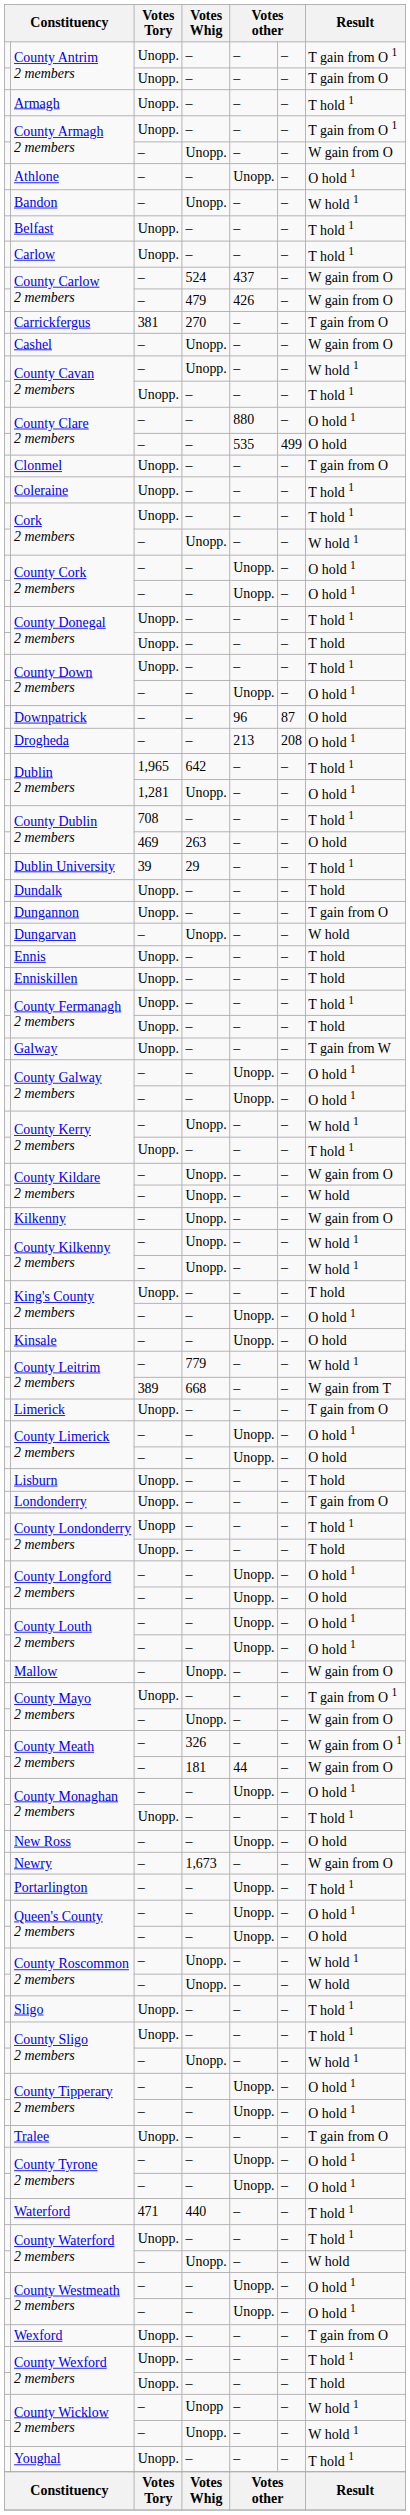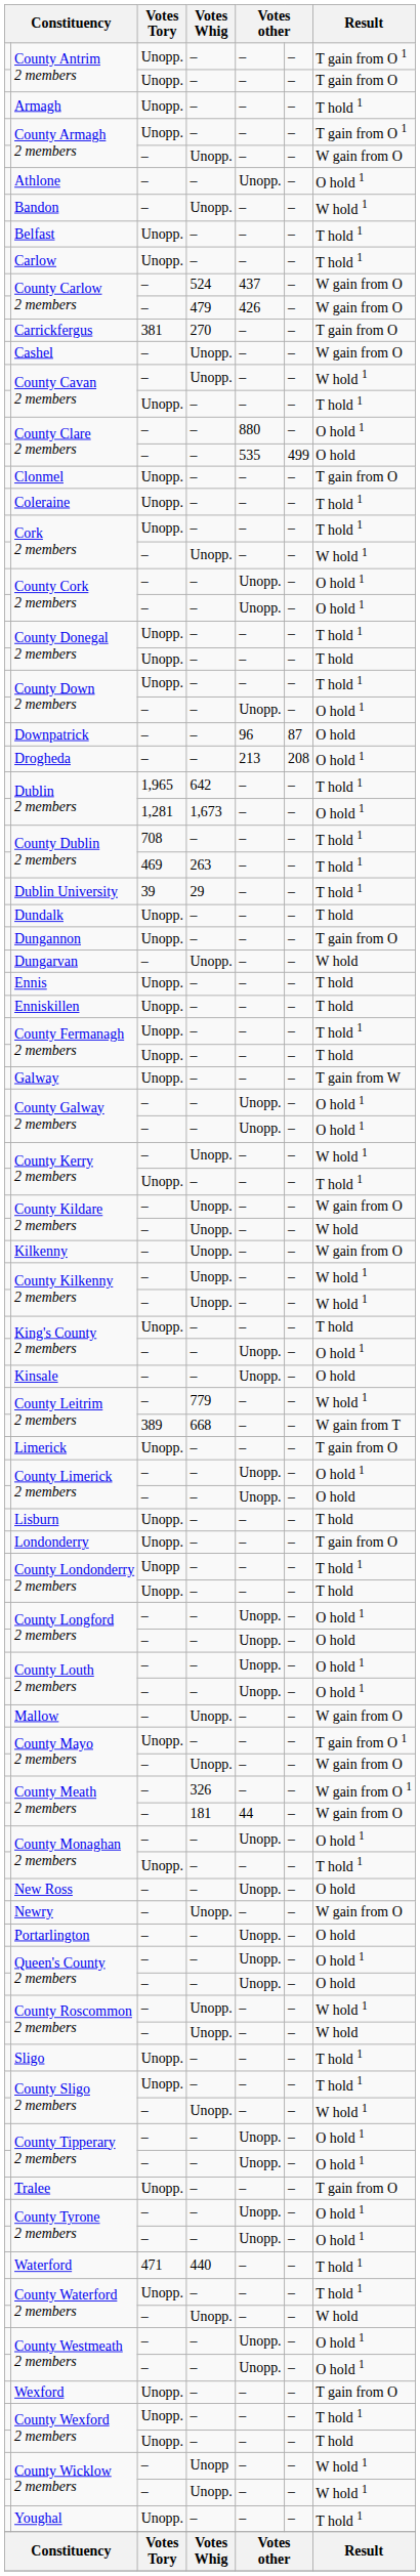 <table class="wikitable">
 <tr>
 <th colspan="2">Constituency</th>
 <th>Votes<br>Tory</th>
 <th>Votes<br>Whig</th>
 <th colspan="2">Votes<br>other</th>
 <th>Result</th>
 </tr>
 <tr>
 <td style="background-color: "></td>
 <td rowspan="2"><a href='#'>County Antrim</a><br><em>2 members</em></td>
 <td>Unopp.</td>
 <td>–</td>
 <td>–</td>
 <td>–</td>
 <td>T gain from O <sup>1</sup></td>
 </tr>
 <tr>
 <td style="background-color: "></td>
 <td>Unopp.</td>
 <td>–</td>
 <td>–</td>
 <td>–</td>
 <td>T gain from O</td>
 </tr>
 <tr>
 <td style="background-color: "></td>
 <td><a href='#'>Armagh</a></td>
 <td>Unopp.</td>
 <td>–</td>
 <td>–</td>
 <td>–</td>
 <td>T hold <sup>1</sup></td>
 </tr>
 <tr>
 <td style="background-color: "></td>
 <td rowspan="2"><a href='#'>County Armagh</a><br><em>2 members</em></td>
 <td>Unopp.</td>
 <td>–</td>
 <td>–</td>
 <td>–</td>
 <td>T gain from O <sup>1</sup></td>
 </tr>
 <tr>
 <td style="background-color: "></td>
 <td>–</td>
 <td>Unopp.</td>
 <td>–</td>
 <td>–</td>
 <td>W gain from O</td>
 </tr>
 <tr>
 <td style="background-color: "></td>
 <td><a href='#'>Athlone</a></td>
 <td>–</td>
 <td>–</td>
 <td>Unopp.</td>
 <td>–</td>
 <td>O hold <sup>1</sup></td>
 </tr>
 <tr>
 <td style="background-color: "></td>
 <td><a href='#'>Bandon</a></td>
 <td>–</td>
 <td>Unopp.</td>
 <td>–</td>
 <td>–</td>
 <td>W hold <sup>1</sup></td>
 </tr>
 <tr>
 <td style="background-color: "></td>
 <td><a href='#'>Belfast</a></td>
 <td>Unopp.</td>
 <td>–</td>
 <td>–</td>
 <td>–</td>
 <td>T hold <sup>1</sup></td>
 </tr>
 <tr>
 <td style="background-color: "></td>
 <td><a href='#'>Carlow</a></td>
 <td>Unopp.</td>
 <td>–</td>
 <td>–</td>
 <td>–</td>
 <td>T hold <sup>1</sup></td>
 </tr>
 <tr>
 <td style="background-color: "></td>
 <td rowspan="2"><a href='#'>County Carlow</a><br><em>2 members</em></td>
 <td>–</td>
 <td>524</td>
 <td>437</td>
 <td>–</td>
 <td>W gain from O</td>
 </tr>
 <tr>
 <td style="background-color: "></td>
 <td>–</td>
 <td>479</td>
 <td>426</td>
 <td>–</td>
 <td>W gain from O</td>
 </tr>
 <tr>
 <td style="background-color: "></td>
 <td><a href='#'>Carrickfergus</a></td>
 <td>381</td>
 <td>270</td>
 <td>–</td>
 <td>–</td>
 <td>T gain from O</td>
 </tr>
 <tr>
 <td style="background-color: "></td>
 <td><a href='#'>Cashel</a></td>
 <td>–</td>
 <td>Unopp.</td>
 <td>–</td>
 <td>–</td>
 <td>W gain from O</td>
 </tr>
 <tr>
 <td style="background-color: "></td>
 <td rowspan="2"><a href='#'>County Cavan</a><br><em>2 members</em></td>
 <td>–</td>
 <td>Unopp.</td>
 <td>–</td>
 <td>–</td>
 <td>W hold <sup>1</sup></td>
 </tr>
 <tr>
 <td style="background-color: "></td>
 <td>Unopp.</td>
 <td>–</td>
 <td>–</td>
 <td>–</td>
 <td>T hold <sup>1</sup></td>
 </tr>
 <tr>
 <td style="background-color: "></td>
 <td rowspan="2"><a href='#'>County Clare</a><br><em>2 members</em></td>
 <td>–</td>
 <td>–</td>
 <td>880</td>
 <td>–</td>
 <td>O hold <sup>1</sup></td>
 </tr>
 <tr>
 <td style="background-color: "></td>
 <td>–</td>
 <td>–</td>
 <td>535</td>
 <td>499</td>
 <td>O hold</td>
 </tr>
 <tr>
 <td style="background-color: "></td>
 <td><a href='#'>Clonmel</a></td>
 <td>Unopp.</td>
 <td>–</td>
 <td>–</td>
 <td>–</td>
 <td>T gain from O</td>
 </tr>
 <tr>
 <td style="background-color: "></td>
 <td><a href='#'>Coleraine</a></td>
 <td>Unopp.</td>
 <td>–</td>
 <td>–</td>
 <td>–</td>
 <td>T hold <sup>1</sup></td>
 </tr>
 <tr>
 <td style="background-color: "></td>
 <td rowspan="2"><a href='#'>Cork</a><br><em>2 members</em></td>
 <td>Unopp.</td>
 <td>–</td>
 <td>–</td>
 <td>–</td>
 <td>T hold <sup>1</sup></td>
 </tr>
 <tr>
 <td style="background-color: "></td>
 <td>–</td>
 <td>Unopp.</td>
 <td>–</td>
 <td>–</td>
 <td>W hold <sup>1</sup></td>
 </tr>
 <tr>
 <td style="background-color: "></td>
 <td rowspan="2"><a href='#'>County Cork</a><br><em>2 members</em></td>
 <td>–</td>
 <td>–</td>
 <td>Unopp.</td>
 <td>–</td>
 <td>O hold <sup>1</sup></td>
 </tr>
 <tr>
 <td style="background-color: "></td>
 <td>–</td>
 <td>–</td>
 <td>Unopp.</td>
 <td>–</td>
 <td>O hold <sup>1</sup></td>
 </tr>
 <tr>
 <td style="background-color: "></td>
 <td rowspan="2"><a href='#'>County Donegal</a><br><em>2 members</em></td>
 <td>Unopp.</td>
 <td>–</td>
 <td>–</td>
 <td>–</td>
 <td>T hold <sup>1</sup></td>
 </tr>
 <tr>
 <td style="background-color: "></td>
 <td>Unopp.</td>
 <td>–</td>
 <td>–</td>
 <td>–</td>
 <td>T hold</td>
 </tr>
 <tr>
 <td style="background-color: "></td>
 <td rowspan="2"><a href='#'>County Down</a><br><em>2 members</em></td>
 <td>Unopp.</td>
 <td>–</td>
 <td>–</td>
 <td>–</td>
 <td>T hold <sup>1</sup></td>
 </tr>
 <tr>
 <td style="background-color: "></td>
 <td>–</td>
 <td>–</td>
 <td>Unopp.</td>
 <td>–</td>
 <td>O hold <sup>1</sup></td>
 </tr>
 <tr>
 <td style="background-color: "></td>
 <td><a href='#'>Downpatrick</a></td>
 <td>–</td>
 <td>–</td>
 <td>96</td>
 <td>87</td>
 <td>O hold</td>
 </tr>
 <tr>
 <td style="background-color: "></td>
 <td><a href='#'>Drogheda</a></td>
 <td>–</td>
 <td>–</td>
 <td>213</td>
 <td>208</td>
 <td>O hold <sup>1</sup></td>
 </tr>
 <tr>
 <td style="background-color: "></td>
 <td rowspan="2"><a href='#'>Dublin</a><br><em>2 members</em></td>
 <td>1,965</td>
 <td>642</td>
 <td>–</td>
 <td>–</td>
 <td>T hold <sup>1</sup></td>
 </tr>
 <tr>
 <td style="background-color: "></td>
 <td>1,281</td>
-<td>Unopp.</td>
+<td>1,673</td>
 <td>–</td>
 <td>–</td>
 <td>O hold <sup>1</sup></td>
 </tr>
 <tr>
 <td style="background-color: "></td>
 <td rowspan="2"><a href='#'>County Dublin</a><br><em>2 members</em></td>
 <td>708</td>
 <td>–</td>
 <td>–</td>
 <td>–</td>
 <td>T hold <sup>1</sup></td>
 </tr>
 <tr>
 <td style="background-color: "></td>
 <td>469</td>
 <td>263</td>
 <td>–</td>
 <td>–</td>
-<td>O hold</td>
+<td>T hold <sup>1</sup></td>
 </tr>
 <tr>
 <td style="background-color: "></td>
 <td><a href='#'>Dublin University</a></td>
 <td>39</td>
 <td>29</td>
 <td>–</td>
 <td>–</td>
 <td>T hold <sup>1</sup></td>
 </tr>
 <tr>
 <td style="background-color: "></td>
 <td><a href='#'>Dundalk</a></td>
 <td>Unopp.</td>
 <td>–</td>
 <td>–</td>
 <td>–</td>
 <td>T hold</td>
 </tr>
 <tr>
 <td style="background-color: "></td>
 <td><a href='#'>Dungannon</a></td>
 <td>Unopp.</td>
 <td>–</td>
 <td>–</td>
 <td>–</td>
 <td>T gain from O</td>
 </tr>
 <tr>
 <td style="background-color: "></td>
 <td><a href='#'>Dungarvan</a></td>
 <td>–</td>
 <td>Unopp.</td>
 <td>–</td>
 <td>–</td>
 <td>W hold</td>
 </tr>
 <tr>
 <td style="background-color: "></td>
 <td><a href='#'>Ennis</a></td>
 <td>Unopp.</td>
 <td>–</td>
 <td>–</td>
 <td>–</td>
 <td>T hold</td>
 </tr>
 <tr>
 <td style="background-color: "></td>
 <td><a href='#'>Enniskillen</a></td>
 <td>Unopp.</td>
 <td>–</td>
 <td>–</td>
 <td>–</td>
 <td>T hold</td>
 </tr>
 <tr>
 <td style="background-color: "></td>
 <td rowspan="2"><a href='#'>County Fermanagh</a><br><em>2 members</em></td>
 <td>Unopp.</td>
 <td>–</td>
 <td>–</td>
 <td>–</td>
 <td>T hold <sup>1</sup></td>
 </tr>
 <tr>
 <td style="background-color: "></td>
 <td>Unopp.</td>
 <td>–</td>
 <td>–</td>
 <td>–</td>
 <td>T hold</td>
 </tr>
 <tr>
 <td style="background-color: "></td>
 <td><a href='#'>Galway</a></td>
 <td>Unopp.</td>
 <td>–</td>
 <td>–</td>
 <td>–</td>
 <td>T gain from W</td>
 </tr>
 <tr>
 <td style="background-color: "></td>
 <td rowspan="2"><a href='#'>County Galway</a><br><em>2 members</em></td>
 <td>–</td>
 <td>–</td>
 <td>Unopp.</td>
 <td>–</td>
 <td>O hold <sup>1</sup></td>
 </tr>
 <tr>
 <td style="background-color: "></td>
 <td>–</td>
 <td>–</td>
 <td>Unopp.</td>
 <td>–</td>
 <td>O hold <sup>1</sup></td>
 </tr>
 <tr>
 <td style="background-color: "></td>
 <td rowspan="2"><a href='#'>County Kerry</a><br><em>2 members</em></td>
 <td>–</td>
 <td>Unopp.</td>
 <td>–</td>
 <td>–</td>
 <td>W hold <sup>1</sup></td>
 </tr>
 <tr>
 <td style="background-color: "></td>
 <td>Unopp.</td>
 <td>–</td>
 <td>–</td>
 <td>–</td>
 <td>T hold <sup>1</sup></td>
 </tr>
 <tr>
 <td style="background-color: "></td>
 <td rowspan="2"><a href='#'>County Kildare</a><br><em>2 members</em></td>
 <td>–</td>
 <td>Unopp.</td>
 <td>–</td>
 <td>–</td>
 <td>W gain from O</td>
 </tr>
 <tr>
 <td style="background-color: "></td>
 <td>–</td>
 <td>Unopp.</td>
 <td>–</td>
 <td>–</td>
 <td>W hold</td>
 </tr>
 <tr>
 <td style="background-color: "></td>
 <td><a href='#'>Kilkenny</a></td>
 <td>–</td>
 <td>Unopp.</td>
 <td>–</td>
 <td>–</td>
 <td>W gain from O</td>
 </tr>
 <tr>
 <td style="background-color: "></td>
 <td rowspan="2"><a href='#'>County Kilkenny</a><br><em>2 members</em></td>
 <td>–</td>
 <td>Unopp.</td>
 <td>–</td>
 <td>–</td>
 <td>W hold <sup>1</sup></td>
 </tr>
 <tr>
 <td style="background-color: "></td>
 <td>–</td>
 <td>Unopp.</td>
 <td>–</td>
 <td>–</td>
 <td>W hold <sup>1</sup></td>
 </tr>
 <tr>
 <td style="background-color: "></td>
 <td rowspan="2"><a href='#'>King's County</a><br><em>2 members</em></td>
 <td>Unopp.</td>
 <td>–</td>
 <td>–</td>
 <td>–</td>
 <td>T hold</td>
 </tr>
 <tr>
 <td style="background-color: "></td>
 <td>–</td>
 <td>–</td>
 <td>Unopp.</td>
 <td>–</td>
 <td>O hold <sup>1</sup></td>
 </tr>
 <tr>
 <td style="background-color: "></td>
 <td><a href='#'>Kinsale</a></td>
 <td>–</td>
 <td>–</td>
 <td>Unopp.</td>
 <td>–</td>
 <td>O hold</td>
 </tr>
 <tr>
 <td style="background-color: "></td>
 <td rowspan="2"><a href='#'>County Leitrim</a><br><em>2 members</em></td>
 <td>–</td>
 <td>779</td>
 <td>–</td>
 <td>–</td>
 <td>W hold <sup>1</sup></td>
 </tr>
 <tr>
 <td style="background-color: "></td>
 <td>389</td>
 <td>668</td>
 <td>–</td>
 <td>–</td>
 <td>W gain from T</td>
 </tr>
 <tr>
 <td style="background-color: "></td>
 <td><a href='#'>Limerick</a></td>
 <td>Unopp.</td>
 <td>–</td>
 <td>–</td>
 <td>–</td>
 <td>T gain from O</td>
 </tr>
 <tr>
 <td style="background-color: "></td>
 <td rowspan="2"><a href='#'>County Limerick</a><br><em>2 members</em></td>
 <td>–</td>
 <td>–</td>
 <td>Unopp.</td>
 <td>–</td>
 <td>O hold <sup>1</sup></td>
 </tr>
 <tr>
 <td style="background-color: "></td>
 <td>–</td>
 <td>–</td>
 <td>Unopp.</td>
 <td>–</td>
 <td>O hold</td>
 </tr>
 <tr>
 <td style="background-color: "></td>
 <td><a href='#'>Lisburn</a></td>
 <td>Unopp.</td>
 <td>–</td>
 <td>–</td>
 <td>–</td>
 <td>T hold</td>
 </tr>
 <tr>
 <td style="background-color: "></td>
 <td><a href='#'>Londonderry</a></td>
 <td>Unopp.</td>
 <td>–</td>
 <td>–</td>
 <td>–</td>
 <td>T gain from O</td>
 </tr>
 <tr>
 <td style="background-color: "></td>
 <td rowspan="2"><a href='#'>County Londonderry</a><br><em>2 members</em></td>
 <td>Unopp</td>
 <td>–</td>
 <td>–</td>
 <td>–</td>
 <td>T hold <sup>1</sup></td>
 </tr>
 <tr>
 <td style="background-color: "></td>
 <td>Unopp.</td>
 <td>–</td>
 <td>–</td>
 <td>–</td>
 <td>T hold</td>
 </tr>
 <tr>
 <td style="background-color: "></td>
 <td rowspan="2"><a href='#'>County Longford</a><br><em>2 members</em></td>
 <td>–</td>
 <td>–</td>
 <td>Unopp.</td>
 <td>–</td>
 <td>O hold <sup>1</sup></td>
 </tr>
 <tr>
 <td style="background-color: "></td>
 <td>–</td>
 <td>–</td>
 <td>Unopp.</td>
 <td>–</td>
 <td>O hold</td>
 </tr>
 <tr>
 <td style="background-color: "></td>
 <td rowspan="2"><a href='#'>County Louth</a><br><em>2 members</em></td>
 <td>–</td>
 <td>–</td>
 <td>Unopp.</td>
 <td>–</td>
 <td>O hold <sup>1</sup></td>
 </tr>
 <tr>
 <td style="background-color: "></td>
 <td>–</td>
 <td>–</td>
 <td>Unopp.</td>
 <td>–</td>
 <td>O hold <sup>1</sup></td>
 </tr>
 <tr>
 <td style="background-color: "></td>
 <td><a href='#'>Mallow</a></td>
 <td>–</td>
 <td>Unopp.</td>
 <td>–</td>
 <td>–</td>
 <td>W gain from O</td>
 </tr>
 <tr>
 <td style="background-color: "></td>
 <td rowspan="2"><a href='#'>County Mayo</a><br><em>2 members</em></td>
 <td>Unopp.</td>
 <td>–</td>
 <td>–</td>
 <td>–</td>
 <td>T gain from O <sup>1</sup></td>
 </tr>
 <tr>
 <td style="background-color: "></td>
 <td>–</td>
 <td>Unopp.</td>
 <td>–</td>
 <td>–</td>
 <td>W gain from O</td>
 </tr>
 <tr>
 <td style="background-color: "></td>
 <td rowspan="2"><a href='#'>County Meath</a><br><em>2 members</em></td>
 <td>–</td>
 <td>326</td>
 <td>–</td>
 <td>–</td>
 <td>W gain from O <sup>1</sup></td>
 </tr>
 <tr>
 <td style="background-color: "></td>
 <td>–</td>
 <td>181</td>
 <td>44</td>
 <td>–</td>
 <td>W gain from O</td>
 </tr>
 <tr>
 <td style="background-color: "></td>
 <td rowspan="2"><a href='#'>County Monaghan</a><br><em>2 members</em></td>
 <td>–</td>
 <td>–</td>
 <td>Unopp.</td>
 <td>–</td>
 <td>O hold <sup>1</sup></td>
 </tr>
 <tr>
 <td style="background-color: "></td>
 <td>Unopp.</td>
 <td>–</td>
 <td>–</td>
 <td>–</td>
 <td>T hold <sup>1</sup></td>
 </tr>
 <tr>
 <td style="background-color: "></td>
 <td><a href='#'>New Ross</a></td>
 <td>–</td>
 <td>–</td>
 <td>Unopp.</td>
 <td>–</td>
 <td>O hold</td>
 </tr>
 <tr>
 <td style="background-color: "></td>
 <td><a href='#'>Newry</a></td>
 <td>–</td>
-<td>1,673</td>
+<td>Unopp.</td>
 <td>–</td>
 <td>–</td>
 <td>W gain from O</td>
 </tr>
 <tr>
 <td style="background-color: "></td>
 <td><a href='#'>Portarlington</a></td>
 <td>–</td>
 <td>–</td>
 <td>Unopp.</td>
 <td>–</td>
-<td>T hold <sup>1</sup></td>
+<td>O hold</td>
 </tr>
 <tr>
 <td style="background-color: "></td>
 <td rowspan="2"><a href='#'>Queen's County</a><br><em>2 members</em></td>
 <td>–</td>
 <td>–</td>
 <td>Unopp.</td>
 <td>–</td>
 <td>O hold <sup>1</sup></td>
 </tr>
 <tr>
 <td style="background-color: "></td>
 <td>–</td>
 <td>–</td>
 <td>Unopp.</td>
 <td>–</td>
 <td>O hold</td>
 </tr>
 <tr>
 <td style="background-color: "></td>
 <td rowspan="2"><a href='#'>County Roscommon</a><br><em>2 members</em></td>
 <td>–</td>
 <td>Unopp.</td>
 <td>–</td>
 <td>–</td>
 <td>W hold <sup>1</sup></td>
 </tr>
 <tr>
 <td style="background-color: "></td>
 <td>–</td>
 <td>Unopp.</td>
 <td>–</td>
 <td>–</td>
 <td>W hold</td>
 </tr>
 <tr>
 <td style="background-color: "></td>
 <td><a href='#'>Sligo</a></td>
 <td>Unopp.</td>
 <td>–</td>
 <td>–</td>
 <td>–</td>
 <td>T hold <sup>1</sup></td>
 </tr>
 <tr>
 <td style="background-color: "></td>
 <td rowspan="2"><a href='#'>County Sligo</a><br><em>2 members</em></td>
 <td>Unopp.</td>
 <td>–</td>
 <td>–</td>
 <td>–</td>
 <td>T hold <sup>1</sup></td>
 </tr>
 <tr>
 <td style="background-color: "></td>
 <td>–</td>
 <td>Unopp.</td>
 <td>–</td>
 <td>–</td>
 <td>W hold <sup>1</sup></td>
 </tr>
 <tr>
 <td style="background-color: "></td>
 <td rowspan="2"><a href='#'>County Tipperary</a><br><em>2 members</em></td>
 <td>–</td>
 <td>–</td>
 <td>Unopp.</td>
 <td>–</td>
 <td>O hold <sup>1</sup></td>
 </tr>
 <tr>
 <td style="background-color: "></td>
 <td>–</td>
 <td>–</td>
 <td>Unopp.</td>
 <td>–</td>
 <td>O hold <sup>1</sup></td>
 </tr>
 <tr>
 <td style="background-color: "></td>
 <td><a href='#'>Tralee</a></td>
 <td>Unopp.</td>
 <td>–</td>
 <td>–</td>
 <td>–</td>
 <td>T gain from O</td>
 </tr>
 <tr>
 <td style="background-color: "></td>
 <td rowspan="2"><a href='#'>County Tyrone</a><br><em>2 members</em></td>
 <td>–</td>
 <td>–</td>
 <td>Unopp.</td>
 <td>–</td>
 <td>O hold <sup>1</sup></td>
 </tr>
 <tr>
 <td style="background-color: "></td>
 <td>–</td>
 <td>–</td>
 <td>Unopp.</td>
 <td>–</td>
 <td>O hold <sup>1</sup></td>
 </tr>
 <tr>
 <td style="background-color: "></td>
 <td><a href='#'>Waterford</a></td>
 <td>471</td>
 <td>440</td>
 <td>–</td>
 <td>–</td>
 <td>T hold <sup>1</sup></td>
 </tr>
 <tr>
 <td style="background-color: "></td>
 <td rowspan="2"><a href='#'>County Waterford</a><br><em>2 members</em></td>
 <td>Unopp.</td>
 <td>–</td>
 <td>–</td>
 <td>–</td>
 <td>T hold <sup>1</sup></td>
 </tr>
 <tr>
 <td style="background-color: "></td>
 <td>–</td>
 <td>Unopp.</td>
 <td>–</td>
 <td>–</td>
 <td>W hold</td>
 </tr>
 <tr>
 <td style="background-color: "></td>
 <td rowspan="2"><a href='#'>County Westmeath</a><br><em>2 members</em></td>
 <td>–</td>
 <td>–</td>
 <td>Unopp.</td>
 <td>–</td>
 <td>O hold <sup>1</sup></td>
 </tr>
 <tr>
 <td style="background-color: "></td>
 <td>–</td>
 <td>–</td>
 <td>Unopp.</td>
 <td>–</td>
 <td>O hold <sup>1</sup></td>
 </tr>
 <tr>
 <td style="background-color: "></td>
 <td><a href='#'>Wexford</a></td>
 <td>Unopp.</td>
 <td>–</td>
 <td>–</td>
 <td>–</td>
 <td>T gain from O</td>
 </tr>
 <tr>
 <td style="background-color: "></td>
 <td rowspan="2"><a href='#'>County Wexford</a><br><em>2 members</em></td>
 <td>Unopp.</td>
 <td>–</td>
 <td>–</td>
 <td>–</td>
 <td>T hold <sup>1</sup></td>
 </tr>
 <tr>
 <td style="background-color: "></td>
 <td>Unopp.</td>
 <td>–</td>
 <td>–</td>
 <td>–</td>
 <td>T hold</td>
 </tr>
 <tr>
 <td style="background-color: "></td>
 <td rowspan="2"><a href='#'>County Wicklow</a><br><em>2 members</em></td>
 <td>–</td>
 <td>Unopp</td>
 <td>–</td>
 <td>–</td>
 <td>W hold <sup>1</sup></td>
 </tr>
 <tr>
 <td style="background-color: "></td>
 <td>–</td>
 <td>Unopp.</td>
 <td>–</td>
 <td>–</td>
 <td>W hold <sup>1</sup></td>
 </tr>
 <tr>
 <td style="background-color: "></td>
 <td><a href='#'>Youghal</a></td>
 <td>Unopp.</td>
 <td>–</td>
 <td>–</td>
 <td>–</td>
 <td>T hold <sup>1</sup></td>
 </tr>
 <tr>
 </tr>
 <tr>
 <th colspan="2">Constituency</th>
 <th>Votes<br>Tory</th>
 <th>Votes<br>Whig</th>
 <th colspan="2">Votes<br>other</th>
 <th>Result</th>
 </tr>
 <tr>
 </tr>
 </table>
